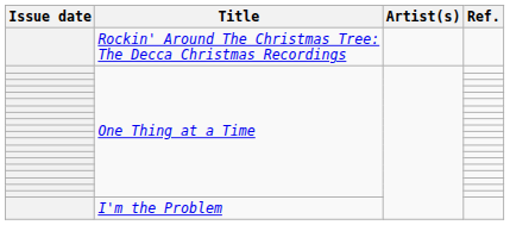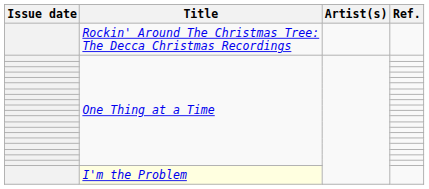 <table class="wikitable sortable plainrowheaders">
 <tr>
 <th scope=col>Issue date</th>
 <th scope=col>Title</th>
 <th scope=col>Artist(s)</th>
 <th scope=col class=unsortable>Ref.</th>
 </tr>
 <tr>
 <th scope=row></th>
 <td><em><a href='#'>Rockin' Around The Christmas Tree:<br>The Decca Christmas Recordings</a></em></td>
 <td></td>
 <td align=center></td>
 </tr>
 <tr>
 <th scope=row></th>
 <td rowspan=20><em><a href='#'>One Thing at a Time</a></em></td>
 <td rowspan=21></td>
 <td align=center></td>
 </tr>
 <tr>
 <th scope=row></th>
 <td align=center></td>
 </tr>
 <tr>
 <th scope=row></th>
 <td align=center></td>
 </tr>
 <tr>
 <th scope=row></th>
 <td align=center></td>
 </tr>
 <tr>
 <th scope=row></th>
 <td align=center></td>
 </tr>
 <tr>
 <th scope=row></th>
 <td align=center></td>
 </tr>
 <tr>
 <th scope=row></th>
 <td align=center></td>
 </tr>
 <tr>
 <th scope=row></th>
 <td align=center></td>
 </tr>
 <tr>
 <th scope=row></th>
 <td align=center></td>
 </tr>
 <tr>
 <th scope=row></th>
 <td align=center></td>
 </tr>
 <tr>
 <th scope=row></th>
 <td align=center></td>
 </tr>
 <tr>
 <th scope=row></th>
 <td align=center></td>
 </tr>
 <tr>
 <th scope=row></th>
 <td align=center></td>
 </tr>
 <tr>
 <th scope=row></th>
 <td align=center></td>
 </tr>
 <tr>
 <th scope=row></th>
 <td align=center></td>
 </tr>
 <tr>
 <th scope=row></th>
 <td align=center></td>
 </tr>
 <tr>
 <th scope=row></th>
 <td align=center></td>
 </tr>
 <tr>
 <th scope=row></th>
 <td align=center></td>
 </tr>
 <tr>
 <th scope=row></th>
 <td align=center></td>
 </tr>
 <tr>
 <th scope=row></th>
 <td align=center></td>
 </tr>
 <tr>
 <th scope=row></th>
-<td><em><a href='#'>I'm the Problem</a></em></td>
+<td style="background: lightyellow;"><em><a href='#'>I'm the Problem</a></em></td>
 <td align=center></td>
 </tr>
 </table>
